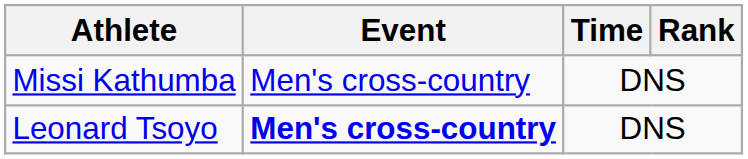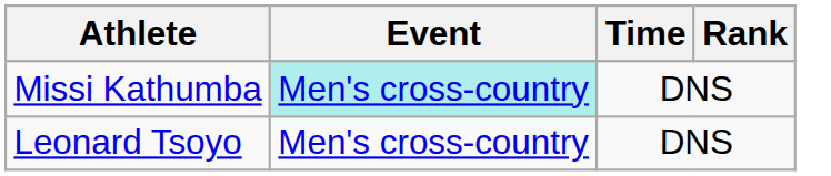 <table class="wikitable" style="font-size:90%">
 <tr>
 <th>Athlete</th>
 <th>Event</th>
 <th>Time</th>
 <th>Rank</th>
 </tr>
 <tr align=center>
 <td align=left><a href='#'>Missi Kathumba</a></td>
-<td align=left><a href='#'>Men's cross-country</a></td>
+<td align=left style="background: paleturquoise;"><a href='#'>Men's cross-country</a></td>
 <td colspan=2>DNS</td>
 </tr>
 <tr align=center>
 <td align=left><a href='#'>Leonard Tsoyo</a></td>
-<td align=left><strong><a href='#'>Men's cross-country</a></strong></td>
+<td align=left><a href='#'>Men's cross-country</a></td>
 <td colspan=2>DNS</td>
 </tr>
 </table>
